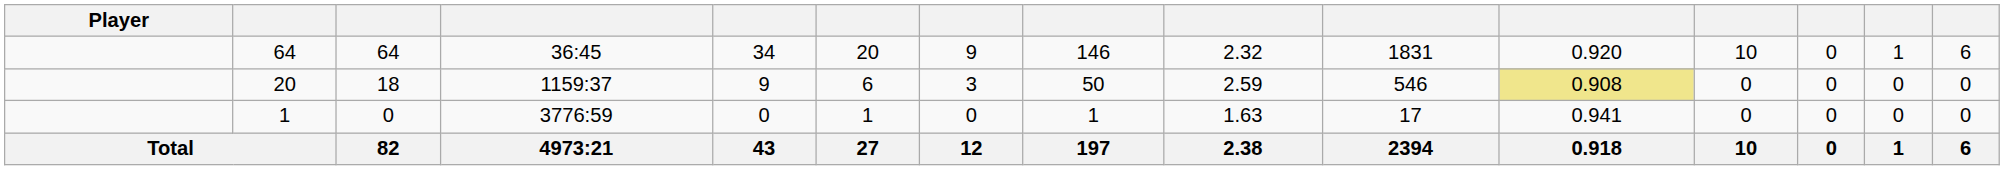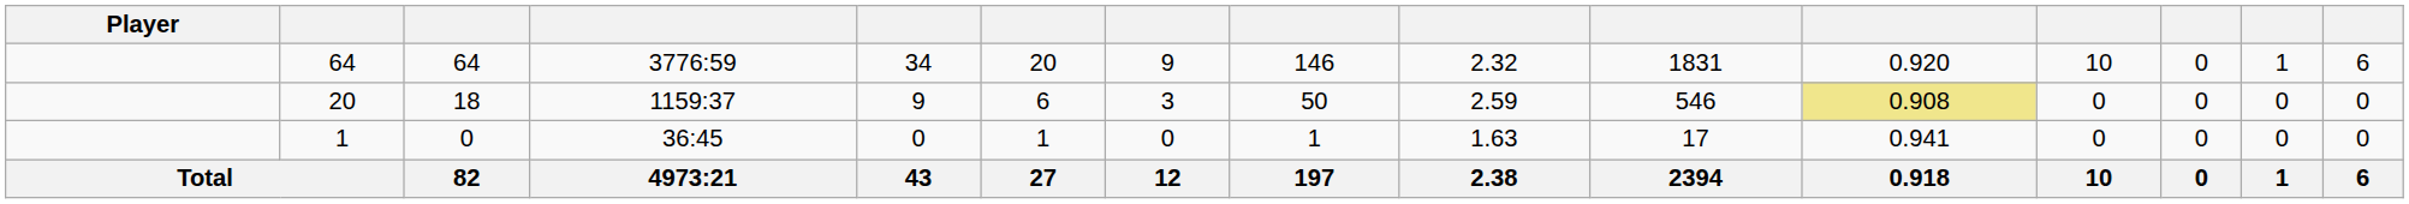 <table class="wikitable sortable" style="width:100%; text-align:center;">
 <tr>
 <th>Player</th>
 <th></th>
 <th></th>
 <th></th>
 <th></th>
 <th></th>
 <th></th>
 <th></th>
 <th></th>
 <th></th>
 <th></th>
 <th></th>
 <th></th>
 <th></th>
 <th></th>
 </tr>
 <tr>
 <td></td>
 <td>64</td>
 <td>64</td>
-<td>36:45</td>
+<td>3776:59</td>
 <td>34</td>
 <td>20</td>
 <td>9</td>
 <td>146</td>
 <td>2.32</td>
 <td>1831</td>
 <td>0.920</td>
 <td>10</td>
 <td>0</td>
 <td>1</td>
 <td>6</td>
 </tr>
 <tr>
 <td></td>
 <td>20</td>
 <td>18</td>
 <td>1159:37</td>
 <td>9</td>
 <td>6</td>
 <td>3</td>
 <td>50</td>
 <td>2.59</td>
 <td>546</td>
 <td style="background: khaki;">0.908</td>
 <td>0</td>
 <td>0</td>
 <td>0</td>
 <td>0</td>
 </tr>
 <tr>
 <td></td>
 <td>1</td>
 <td>0</td>
-<td>3776:59</td>
+<td>36:45</td>
 <td>0</td>
 <td>1</td>
 <td>0</td>
 <td>1</td>
 <td>1.63</td>
 <td>17</td>
 <td>0.941</td>
 <td>0</td>
 <td>0</td>
 <td>0</td>
 <td>0</td>
 </tr>
 <tr class="sortbottom">
 <th colspan=2>Total</th>
 <th>82</th>
 <th>4973:21</th>
 <th>43</th>
 <th>27</th>
 <th>12</th>
 <th>197</th>
 <th>2.38</th>
 <th>2394</th>
 <th>0.918</th>
 <th>10</th>
 <th>0</th>
 <th>1</th>
 <th>6</th>
 </tr>
 </table>
